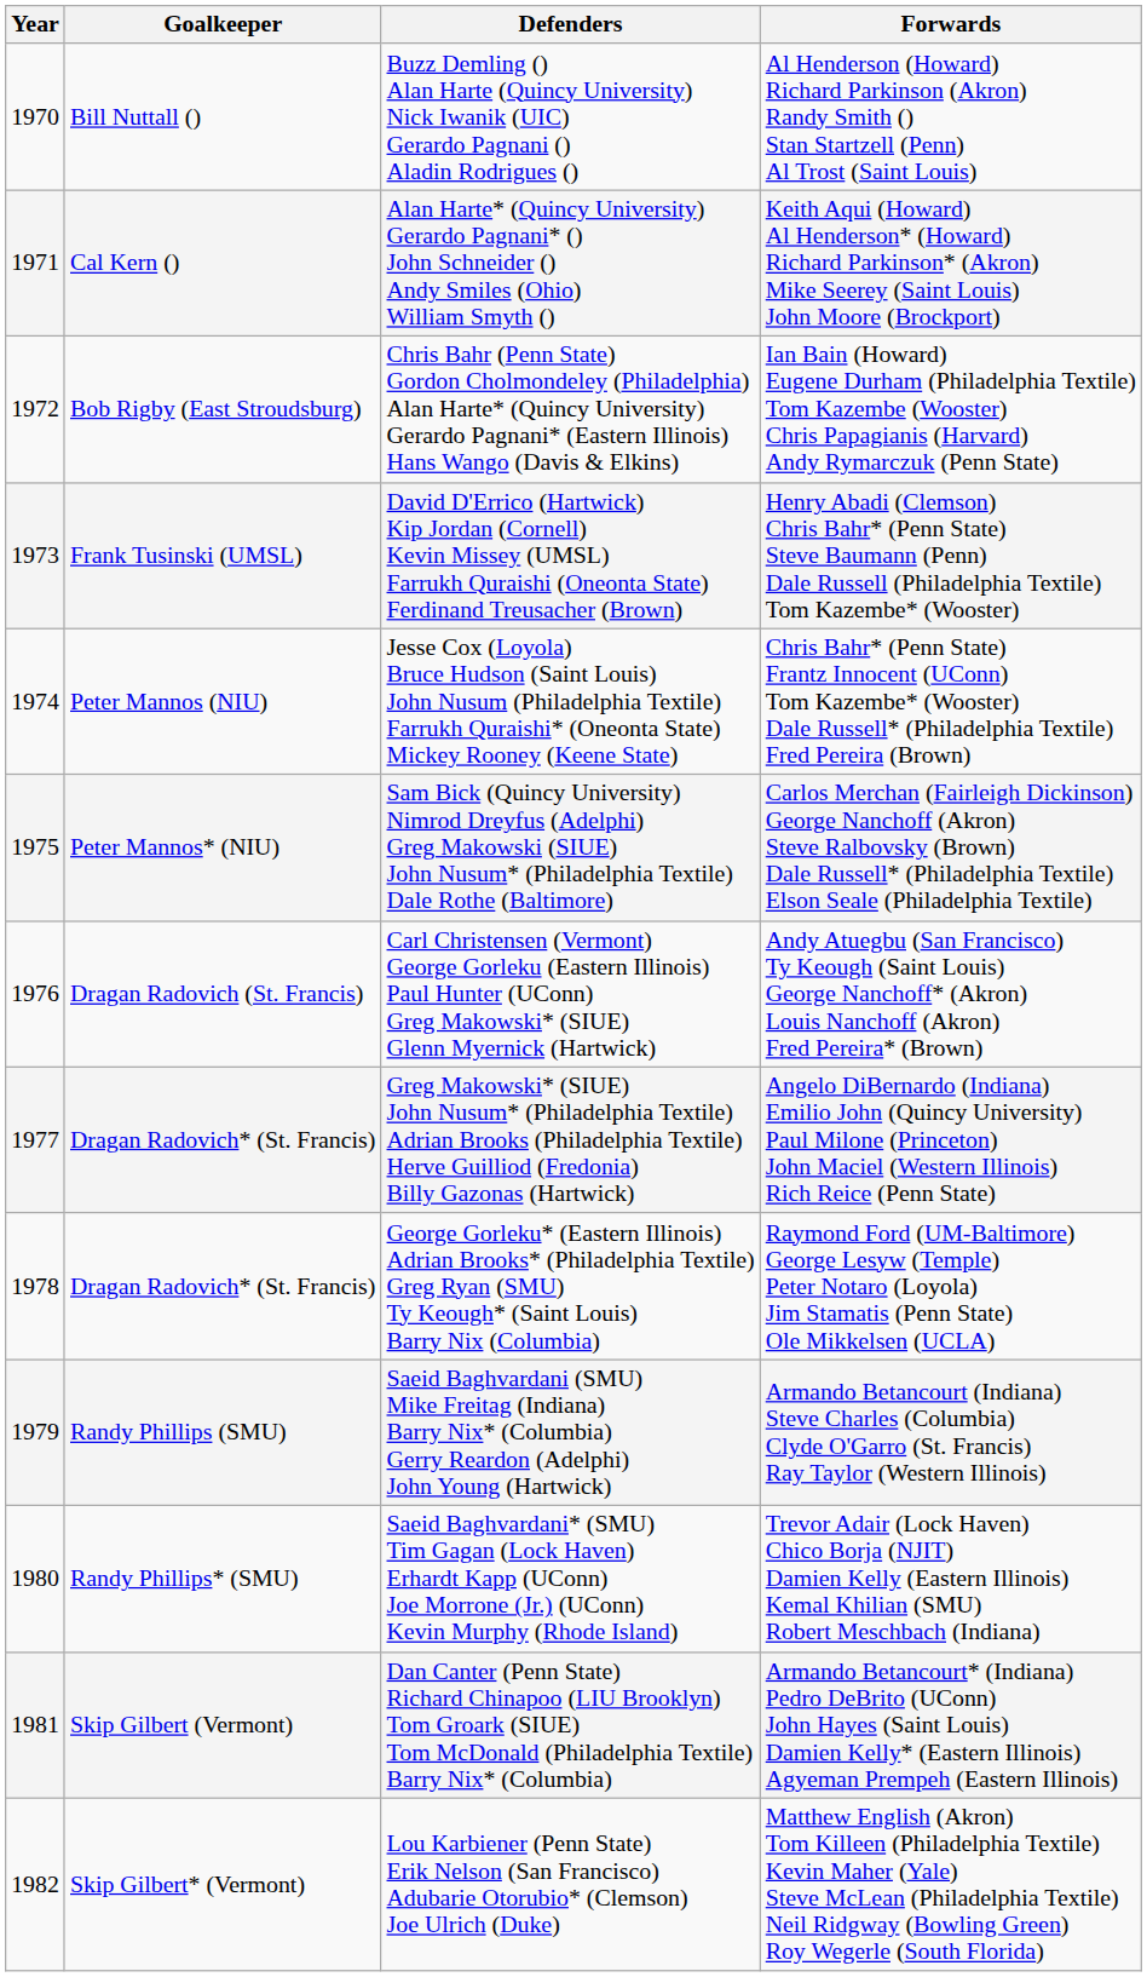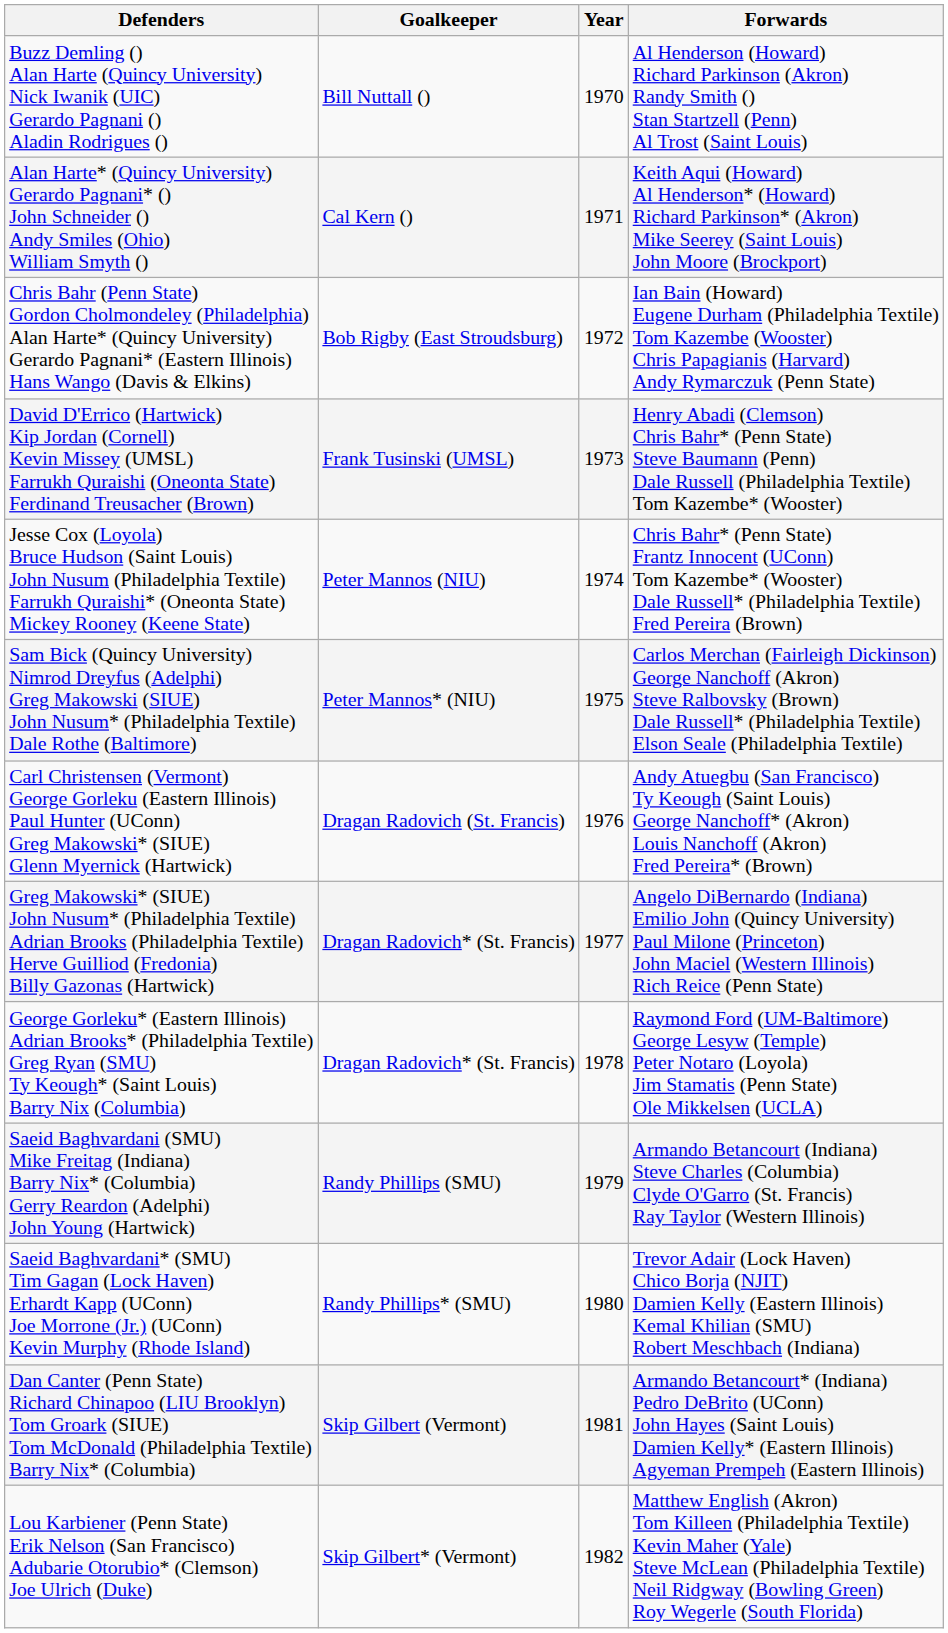 <table class=wikitable>
 <tr>
+<th>Defenders</th>
+<th>Goalkeeper</th>
 <th>Year</th>
-<th>Goalkeeper</th>
-<th>Defenders</th>
 <th>Forwards</th>
 </tr>
 <tr>
+<td><a href='#'>Buzz Demling</a> ()<br><a href='#'>Alan Harte</a> (<a href='#'>Quincy University</a>)<br><a href='#'>Nick Iwanik</a> (<a href='#'>UIC</a>)<br><a href='#'>Gerardo Pagnani</a> ()<br><a href='#'>Aladin Rodrigues</a> ()</td>
+<td><a href='#'>Bill Nuttall</a> ()</td>
 <td>1970</td>
-<td><a href='#'>Bill Nuttall</a> ()</td>
-<td><a href='#'>Buzz Demling</a> ()<br><a href='#'>Alan Harte</a> (<a href='#'>Quincy University</a>)<br><a href='#'>Nick Iwanik</a> (<a href='#'>UIC</a>)<br><a href='#'>Gerardo Pagnani</a> ()<br><a href='#'>Aladin Rodrigues</a> ()</td>
 <td><a href='#'>Al Henderson</a> (<a href='#'>Howard</a>)<br><a href='#'>Richard Parkinson</a> (<a href='#'>Akron</a>)<br><a href='#'>Randy Smith</a> ()<br><a href='#'>Stan Startzell</a> (<a href='#'>Penn</a>)<br><a href='#'>Al Trost</a> (<a href='#'>Saint Louis</a>)</td>
 </tr>
 <tr style="background:#f4f4f4;">
+<td><a href='#'>Alan Harte</a>* (<a href='#'>Quincy University</a>)<br><a href='#'>Gerardo Pagnani</a>* ()<br><a href='#'>John Schneider</a> ()<br><a href='#'>Andy Smiles</a> (<a href='#'>Ohio</a>)<br><a href='#'>William Smyth</a> ()</td>
+<td><a href='#'>Cal Kern</a> ()</td>
 <td>1971</td>
-<td><a href='#'>Cal Kern</a> ()</td>
-<td><a href='#'>Alan Harte</a>* (<a href='#'>Quincy University</a>)<br><a href='#'>Gerardo Pagnani</a>* ()<br><a href='#'>John Schneider</a> ()<br><a href='#'>Andy Smiles</a> (<a href='#'>Ohio</a>)<br><a href='#'>William Smyth</a> ()</td>
 <td><a href='#'>Keith Aqui</a> (<a href='#'>Howard</a>)<br><a href='#'>Al Henderson</a>* (<a href='#'>Howard</a>)<br><a href='#'>Richard Parkinson</a>* (<a href='#'>Akron</a>)<br><a href='#'>Mike Seerey</a> (<a href='#'>Saint Louis</a>)<br><a href='#'>John Moore</a> (<a href='#'>Brockport</a>)</td>
 </tr>
 <tr>
+<td><a href='#'>Chris Bahr</a> (<a href='#'>Penn State</a>)<br><a href='#'>Gordon Cholmondeley</a> (<a href='#'>Philadelphia</a>)<br>Alan Harte* (Quincy University)<br>Gerardo Pagnani* (Eastern Illinois)<br><a href='#'>Hans Wango</a> (Davis & Elkins)</td>
+<td><a href='#'>Bob Rigby</a> (<a href='#'>East Stroudsburg</a>)</td>
 <td>1972</td>
-<td><a href='#'>Bob Rigby</a> (<a href='#'>East Stroudsburg</a>)</td>
-<td><a href='#'>Chris Bahr</a> (<a href='#'>Penn State</a>)<br><a href='#'>Gordon Cholmondeley</a> (<a href='#'>Philadelphia</a>)<br>Alan Harte* (Quincy University)<br>Gerardo Pagnani* (Eastern Illinois)<br><a href='#'>Hans Wango</a> (Davis & Elkins)</td>
 <td><a href='#'>Ian Bain</a> (Howard)<br><a href='#'>Eugene Durham</a> (Philadelphia Textile)<br><a href='#'>Tom Kazembe</a> (<a href='#'>Wooster</a>)<br><a href='#'>Chris Papagianis</a> (<a href='#'>Harvard</a>)<br><a href='#'>Andy Rymarczuk</a> (Penn State)</td>
 </tr>
 <tr style="background:#f4f4f4;">
+<td><a href='#'>David D'Errico</a> (<a href='#'>Hartwick</a>)<br><a href='#'>Kip Jordan</a> (<a href='#'>Cornell</a>)<br><a href='#'>Kevin Missey</a> (UMSL)<br><a href='#'>Farrukh Quraishi</a> (<a href='#'>Oneonta State</a>)<br><a href='#'>Ferdinand Treusacher</a> (<a href='#'>Brown</a>)</td>
+<td><a href='#'>Frank Tusinski</a> (<a href='#'>UMSL</a>)</td>
 <td>1973</td>
-<td><a href='#'>Frank Tusinski</a> (<a href='#'>UMSL</a>)</td>
-<td><a href='#'>David D'Errico</a> (<a href='#'>Hartwick</a>)<br><a href='#'>Kip Jordan</a> (<a href='#'>Cornell</a>)<br><a href='#'>Kevin Missey</a> (UMSL)<br><a href='#'>Farrukh Quraishi</a> (<a href='#'>Oneonta State</a>)<br><a href='#'>Ferdinand Treusacher</a> (<a href='#'>Brown</a>)</td>
 <td><a href='#'>Henry Abadi</a> (<a href='#'>Clemson</a>)<br><a href='#'>Chris Bahr</a>* (Penn State)<br><a href='#'>Steve Baumann</a> (Penn)<br><a href='#'>Dale Russell</a> (Philadelphia Textile)<br>Tom Kazembe* (Wooster)</td>
 </tr>
 <tr>
+<td>Jesse Cox (<a href='#'>Loyola</a>)<br><a href='#'>Bruce Hudson</a> (Saint Louis)<br><a href='#'>John Nusum</a> (Philadelphia Textile)<br><a href='#'>Farrukh Quraishi</a>* (Oneonta State)<br><a href='#'>Mickey Rooney</a> (<a href='#'>Keene State</a>)</td>
+<td><a href='#'>Peter Mannos</a> (<a href='#'>NIU</a>)</td>
 <td>1974</td>
-<td><a href='#'>Peter Mannos</a> (<a href='#'>NIU</a>)</td>
-<td>Jesse Cox (<a href='#'>Loyola</a>)<br><a href='#'>Bruce Hudson</a> (Saint Louis)<br><a href='#'>John Nusum</a> (Philadelphia Textile)<br><a href='#'>Farrukh Quraishi</a>* (Oneonta State)<br><a href='#'>Mickey Rooney</a> (<a href='#'>Keene State</a>)</td>
 <td><a href='#'>Chris Bahr</a>* (Penn State)<br><a href='#'>Frantz Innocent</a> (<a href='#'>UConn</a>)<br>Tom Kazembe* (Wooster)<br><a href='#'>Dale Russell</a>* (Philadelphia Textile)<br><a href='#'>Fred Pereira</a> (Brown)</td>
 </tr>
 <tr style="background:#f4f4f4;">
+<td><a href='#'>Sam Bick</a> (Quincy University)<br><a href='#'>Nimrod Dreyfus</a> (<a href='#'>Adelphi</a>)<br><a href='#'>Greg Makowski</a> (<a href='#'>SIUE</a>)<br><a href='#'>John Nusum</a>* (Philadelphia Textile)<br><a href='#'>Dale Rothe</a> (<a href='#'>Baltimore</a>)</td>
+<td><a href='#'>Peter Mannos</a>* (NIU)</td>
 <td>1975</td>
-<td><a href='#'>Peter Mannos</a>* (NIU)</td>
-<td><a href='#'>Sam Bick</a> (Quincy University)<br><a href='#'>Nimrod Dreyfus</a> (<a href='#'>Adelphi</a>)<br><a href='#'>Greg Makowski</a> (<a href='#'>SIUE</a>)<br><a href='#'>John Nusum</a>* (Philadelphia Textile)<br><a href='#'>Dale Rothe</a> (<a href='#'>Baltimore</a>)</td>
 <td><a href='#'>Carlos Merchan</a> (<a href='#'>Fairleigh Dickinson</a>)<br><a href='#'>George Nanchoff</a> (Akron)<br><a href='#'>Steve Ralbovsky</a> (Brown)<br><a href='#'>Dale Russell</a>* (Philadelphia Textile)<br><a href='#'>Elson Seale</a> (Philadelphia Textile)</td>
 </tr>
 <tr>
+<td><a href='#'>Carl Christensen</a> (<a href='#'>Vermont</a>)<br><a href='#'>George Gorleku</a> (Eastern Illinois)<br><a href='#'>Paul Hunter</a> (UConn)<br><a href='#'>Greg Makowski</a>* (SIUE)<br><a href='#'>Glenn Myernick</a> (Hartwick)</td>
+<td><a href='#'>Dragan Radovich</a> (<a href='#'>St. Francis</a>)</td>
 <td>1976</td>
-<td><a href='#'>Dragan Radovich</a> (<a href='#'>St. Francis</a>)</td>
-<td><a href='#'>Carl Christensen</a> (<a href='#'>Vermont</a>)<br><a href='#'>George Gorleku</a> (Eastern Illinois)<br><a href='#'>Paul Hunter</a> (UConn)<br><a href='#'>Greg Makowski</a>* (SIUE)<br><a href='#'>Glenn Myernick</a> (Hartwick)</td>
 <td><a href='#'>Andy Atuegbu</a> (<a href='#'>San Francisco</a>)<br><a href='#'>Ty Keough</a> (Saint Louis)<br><a href='#'>George Nanchoff</a>* (Akron)<br><a href='#'>Louis Nanchoff</a> (Akron)<br><a href='#'>Fred Pereira</a>* (Brown)</td>
 </tr>
 <tr style="background:#f4f4f4;">
+<td><a href='#'>Greg Makowski</a>* (SIUE)<br><a href='#'>John Nusum</a>* (Philadelphia Textile)<br><a href='#'>Adrian Brooks</a> (Philadelphia Textile)<br><a href='#'>Herve Guilliod</a> (<a href='#'>Fredonia</a>)<br><a href='#'>Billy Gazonas</a> (Hartwick)</td>
+<td><a href='#'>Dragan Radovich</a>* (St. Francis)</td>
 <td>1977</td>
-<td><a href='#'>Dragan Radovich</a>* (St. Francis)</td>
-<td><a href='#'>Greg Makowski</a>* (SIUE)<br><a href='#'>John Nusum</a>* (Philadelphia Textile)<br><a href='#'>Adrian Brooks</a> (Philadelphia Textile)<br><a href='#'>Herve Guilliod</a> (<a href='#'>Fredonia</a>)<br><a href='#'>Billy Gazonas</a> (Hartwick)</td>
 <td><a href='#'>Angelo DiBernardo</a> (<a href='#'>Indiana</a>)<br><a href='#'>Emilio John</a> (Quincy University)<br><a href='#'>Paul Milone</a> (<a href='#'>Princeton</a>)<br><a href='#'>John Maciel</a> (<a href='#'>Western Illinois</a>)<br><a href='#'>Rich Reice</a> (Penn State)</td>
 </tr>
 <tr>
+<td><a href='#'>George Gorleku</a>* (Eastern Illinois)<br><a href='#'>Adrian Brooks</a>* (Philadelphia Textile)<br><a href='#'>Greg Ryan</a> (<a href='#'>SMU</a>)<br><a href='#'>Ty Keough</a>* (Saint Louis)<br><a href='#'>Barry Nix</a> (<a href='#'>Columbia</a>)</td>
+<td><a href='#'>Dragan Radovich</a>* (St. Francis)</td>
 <td>1978</td>
-<td><a href='#'>Dragan Radovich</a>* (St. Francis)</td>
-<td><a href='#'>George Gorleku</a>* (Eastern Illinois)<br><a href='#'>Adrian Brooks</a>* (Philadelphia Textile)<br><a href='#'>Greg Ryan</a> (<a href='#'>SMU</a>)<br><a href='#'>Ty Keough</a>* (Saint Louis)<br><a href='#'>Barry Nix</a> (<a href='#'>Columbia</a>)</td>
 <td><a href='#'>Raymond Ford</a> (<a href='#'>UM-Baltimore</a>)<br><a href='#'>George Lesyw</a> (<a href='#'>Temple</a>)<br><a href='#'>Peter Notaro</a> (Loyola)<br><a href='#'>Jim Stamatis</a> (Penn State)<br><a href='#'>Ole Mikkelsen</a> (<a href='#'>UCLA</a>)</td>
 </tr>
 <tr style="background:#f4f4f4;">
+<td><a href='#'>Saeid Baghvardani</a> (SMU)<br><a href='#'>Mike Freitag</a> (Indiana)<br><a href='#'>Barry Nix</a>* (Columbia)<br><a href='#'>Gerry Reardon</a> (Adelphi)<br><a href='#'>John Young</a> (Hartwick)</td>
+<td><a href='#'>Randy Phillips</a> (SMU)</td>
 <td>1979</td>
-<td><a href='#'>Randy Phillips</a> (SMU)</td>
-<td><a href='#'>Saeid Baghvardani</a> (SMU)<br><a href='#'>Mike Freitag</a> (Indiana)<br><a href='#'>Barry Nix</a>* (Columbia)<br><a href='#'>Gerry Reardon</a> (Adelphi)<br><a href='#'>John Young</a> (Hartwick)</td>
 <td><a href='#'>Armando Betancourt</a> (Indiana)<br><a href='#'>Steve Charles</a> (Columbia)<br><a href='#'>Clyde O'Garro</a> (St. Francis)<br><a href='#'>Ray Taylor</a> (Western Illinois)</td>
 </tr>
 <tr>
+<td><a href='#'>Saeid Baghvardani</a>* (SMU)<br><a href='#'>Tim Gagan</a> (<a href='#'>Lock Haven</a>)<br><a href='#'>Erhardt Kapp</a> (UConn)<br><a href='#'>Joe Morrone (Jr.)</a> (UConn)<br><a href='#'>Kevin Murphy</a> (<a href='#'>Rhode Island</a>)</td>
+<td><a href='#'>Randy Phillips</a>* (SMU)</td>
 <td>1980</td>
-<td><a href='#'>Randy Phillips</a>* (SMU)</td>
-<td><a href='#'>Saeid Baghvardani</a>* (SMU)<br><a href='#'>Tim Gagan</a> (<a href='#'>Lock Haven</a>)<br><a href='#'>Erhardt Kapp</a> (UConn)<br><a href='#'>Joe Morrone (Jr.)</a> (UConn)<br><a href='#'>Kevin Murphy</a> (<a href='#'>Rhode Island</a>)</td>
 <td><a href='#'>Trevor Adair</a> (Lock Haven)<br><a href='#'>Chico Borja</a> (<a href='#'>NJIT</a>)<br><a href='#'>Damien Kelly</a> (Eastern Illinois)<br><a href='#'>Kemal Khilian</a> (SMU)<br><a href='#'>Robert Meschbach</a> (Indiana)</td>
 </tr>
 <tr style="background:#f4f4f4;">
+<td><a href='#'>Dan Canter</a> (Penn State)<br><a href='#'>Richard Chinapoo</a> (<a href='#'>LIU Brooklyn</a>)<br><a href='#'>Tom Groark</a> (SIUE)<br><a href='#'>Tom McDonald</a> (Philadelphia Textile)<br><a href='#'>Barry Nix</a>* (Columbia)</td>
+<td><a href='#'>Skip Gilbert</a> (Vermont)</td>
 <td>1981</td>
-<td><a href='#'>Skip Gilbert</a> (Vermont)</td>
-<td><a href='#'>Dan Canter</a> (Penn State)<br><a href='#'>Richard Chinapoo</a> (<a href='#'>LIU Brooklyn</a>)<br><a href='#'>Tom Groark</a> (SIUE)<br><a href='#'>Tom McDonald</a> (Philadelphia Textile)<br><a href='#'>Barry Nix</a>* (Columbia)</td>
 <td><a href='#'>Armando Betancourt</a>* (Indiana)<br><a href='#'>Pedro DeBrito</a> (UConn)<br><a href='#'>John Hayes</a> (Saint Louis)<br><a href='#'>Damien Kelly</a>* (Eastern Illinois)<br><a href='#'>Agyeman Prempeh</a> (Eastern Illinois)</td>
 </tr>
 <tr>
+<td><a href='#'>Lou Karbiener</a> (Penn State)<br><a href='#'>Erik Nelson</a> (San Francisco)<br><a href='#'>Adubarie Otorubio</a>* (Clemson)<br><a href='#'>Joe Ulrich</a> (<a href='#'>Duke</a>)</td>
+<td><a href='#'>Skip Gilbert</a>* (Vermont)</td>
 <td>1982</td>
-<td><a href='#'>Skip Gilbert</a>* (Vermont)</td>
-<td><a href='#'>Lou Karbiener</a> (Penn State)<br><a href='#'>Erik Nelson</a> (San Francisco)<br><a href='#'>Adubarie Otorubio</a>* (Clemson)<br><a href='#'>Joe Ulrich</a> (<a href='#'>Duke</a>)</td>
 <td><a href='#'>Matthew English</a> (Akron)<br><a href='#'>Tom Killeen</a> (Philadelphia Textile)<br><a href='#'>Kevin Maher</a> (<a href='#'>Yale</a>)<br><a href='#'>Steve McLean</a> (Philadelphia Textile)<br><a href='#'>Neil Ridgway</a> (<a href='#'>Bowling Green</a>)<br><a href='#'>Roy Wegerle</a> (<a href='#'>South Florida</a>)</td>
 </tr>
 </table>
